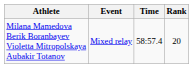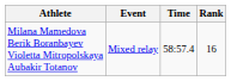 <table class="wikitable" style="font-size:90%">
 <tr>
 <th>Athlete</th>
 <th>Event</th>
 <th>Time</th>
 <th>Rank</th>
 </tr>
 <tr align=center>
 <td align=left><a href='#'>Milana Mamedova</a><br><a href='#'>Berik Boranbayev</a><br><a href='#'>Violetta Mitropolskaya</a><br><a href='#'>Aubakir Totanov</a></td>
 <td align=left><a href='#'>Mixed relay</a></td>
 <td>58:57.4</td>
-<td>20</td>
+<td>16</td>
 </tr>
 </table>
